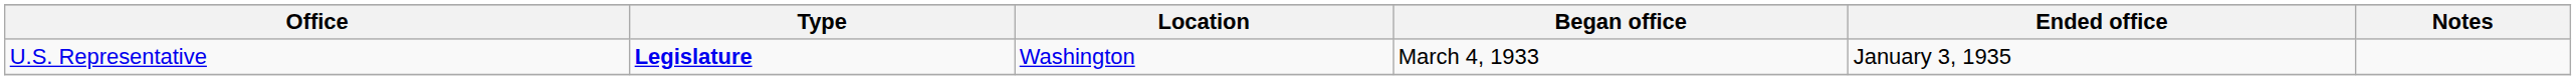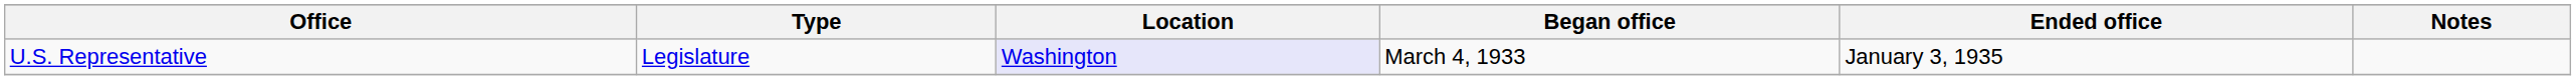 <table class=wikitable style="width: 94%" style="text-align: center;" align="center">
 <tr>
 </tr>
 <tr>
 <th>Office</th>
 <th>Type</th>
 <th>Location</th>
 <th>Began office</th>
 <th>Ended office</th>
 <th>Notes</th>
 </tr>
 <tr>
 <td><a href='#'>U.S. Representative</a></td>
-<td><strong><a href='#'>Legislature</a></strong></td>
-<td><a href='#'>Washington</a></td>
+<td><a href='#'>Legislature</a></td>
+<td style="background: lavender;"><a href='#'>Washington</a></td>
 <td>March 4, 1933</td>
 <td>January 3, 1935</td>
 <td></td>
 </tr>
 <tr>
 </tr>
 </table>
